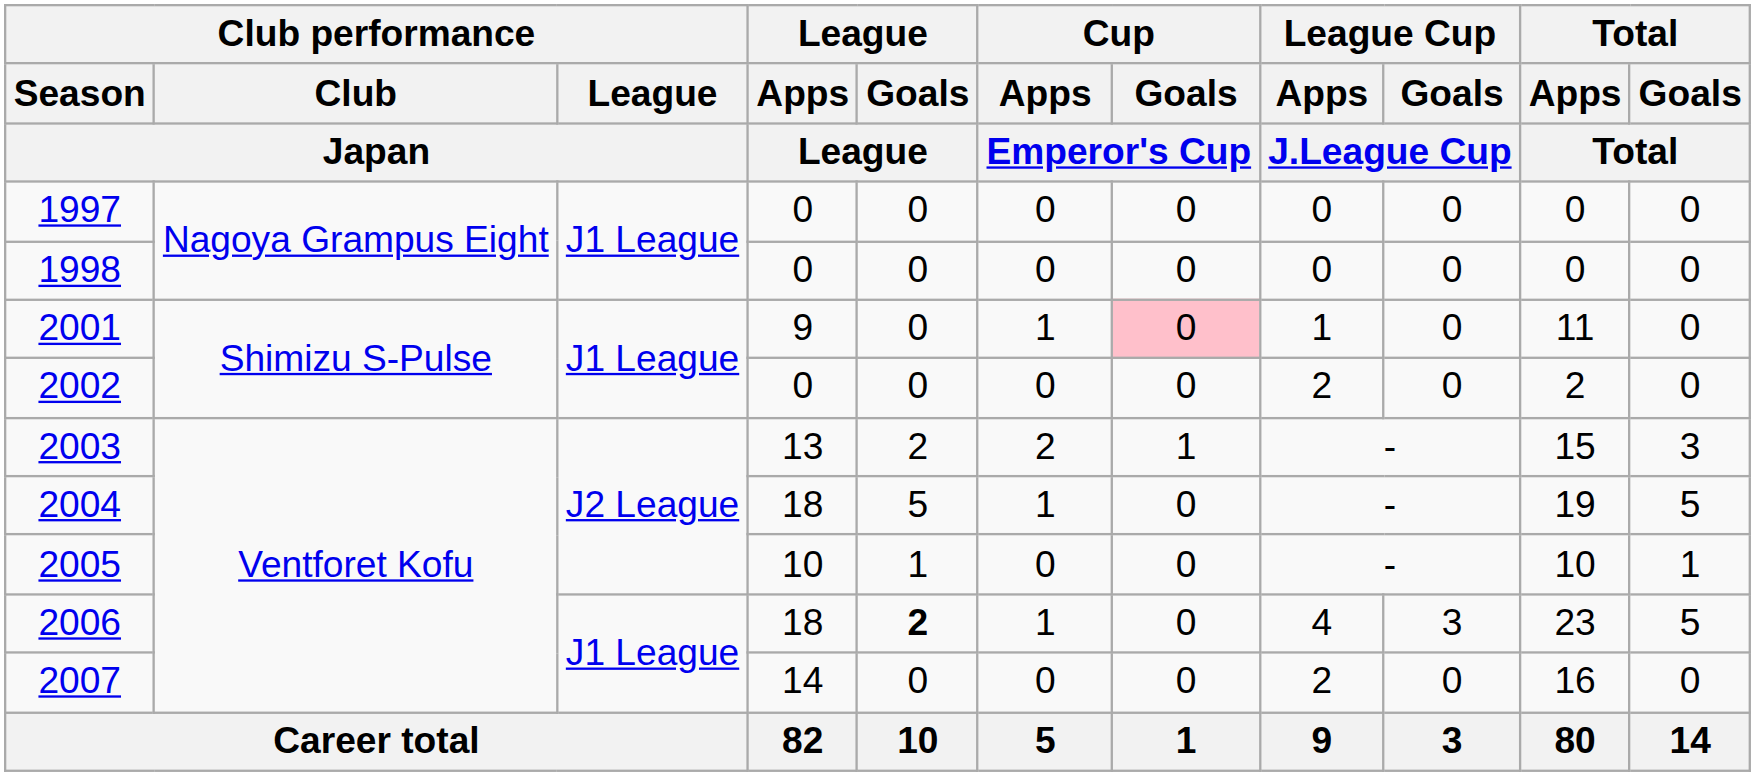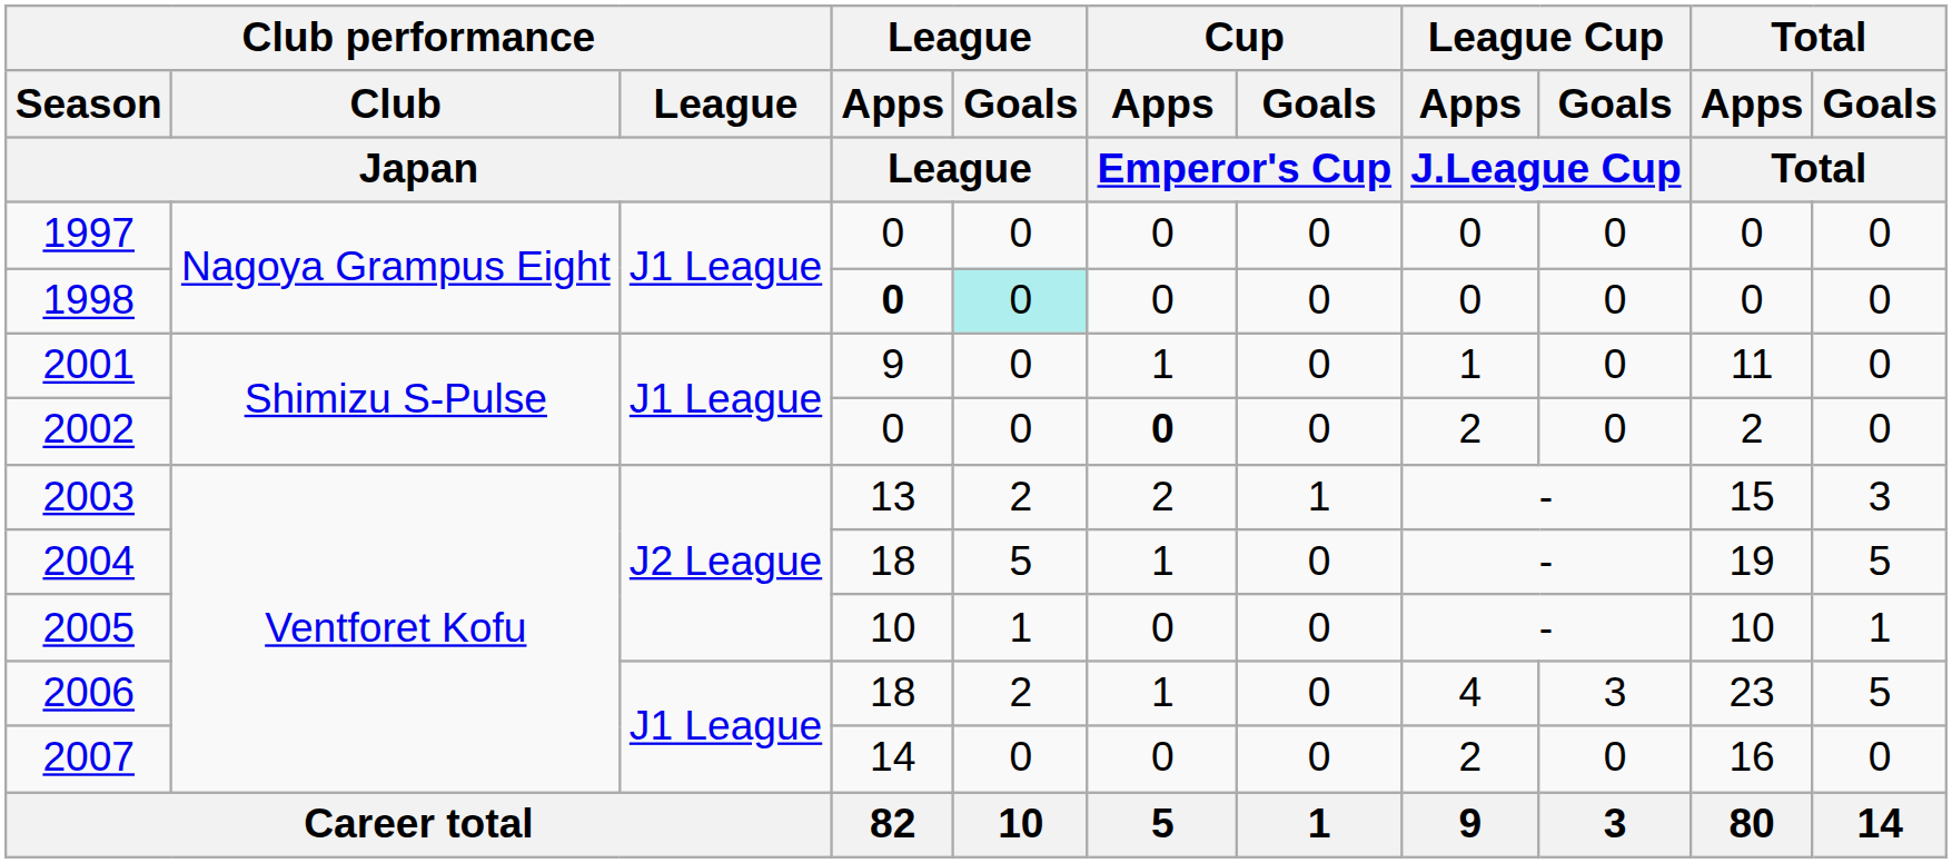 <table class="wikitable" style="text-align:center">
 <tr>
 <th colspan=3>Club performance</th>
 <th colspan=2>League</th>
 <th colspan=2>Cup</th>
 <th colspan=2>League Cup</th>
 <th colspan=2>Total</th>
 </tr>
 <tr>
 <th>Season</th>
 <th>Club</th>
 <th>League</th>
 <th>Apps</th>
 <th>Goals</th>
 <th>Apps</th>
 <th>Goals</th>
 <th>Apps</th>
 <th>Goals</th>
 <th>Apps</th>
 <th>Goals</th>
 </tr>
 <tr>
 <th colspan=3>Japan</th>
 <th colspan=2>League</th>
 <th colspan=2><a href='#'>Emperor's Cup</a></th>
 <th colspan=2><a href='#'>J.League Cup</a></th>
 <th colspan=2>Total</th>
 </tr>
 <tr>
 <td><a href='#'>1997</a></td>
 <td rowspan="2"><a href='#'>Nagoya Grampus Eight</a></td>
 <td rowspan="2"><a href='#'>J1 League</a></td>
 <td>0</td>
 <td>0</td>
 <td>0</td>
 <td>0</td>
 <td>0</td>
 <td>0</td>
 <td>0</td>
 <td>0</td>
 </tr>
 <tr>
 <td><a href='#'>1998</a></td>
-<td>0</td>
-<td>0</td>
+<td><strong>0</strong></td>
+<td style="background: paleturquoise;">0</td>
 <td>0</td>
 <td>0</td>
 <td>0</td>
 <td>0</td>
 <td>0</td>
 <td>0</td>
 </tr>
 <tr>
 <td><a href='#'>2001</a></td>
 <td rowspan="2"><a href='#'>Shimizu S-Pulse</a></td>
 <td rowspan="2"><a href='#'>J1 League</a></td>
 <td>9</td>
 <td>0</td>
 <td>1</td>
-<td style="background: pink;">0</td>
+<td>0</td>
 <td>1</td>
 <td>0</td>
 <td>11</td>
 <td>0</td>
 </tr>
 <tr>
 <td><a href='#'>2002</a></td>
 <td>0</td>
 <td>0</td>
-<td>0</td>
+<td><strong>0</strong></td>
 <td>0</td>
 <td>2</td>
 <td>0</td>
 <td>2</td>
 <td>0</td>
 </tr>
 <tr>
 <td><a href='#'>2003</a></td>
 <td rowspan="5"><a href='#'>Ventforet Kofu</a></td>
 <td rowspan="3"><a href='#'>J2 League</a></td>
 <td>13</td>
 <td>2</td>
 <td>2</td>
 <td>1</td>
 <td colspan="2">-</td>
 <td>15</td>
 <td>3</td>
 </tr>
 <tr>
 <td><a href='#'>2004</a></td>
 <td>18</td>
 <td>5</td>
 <td>1</td>
 <td>0</td>
 <td colspan="2">-</td>
 <td>19</td>
 <td>5</td>
 </tr>
 <tr>
 <td><a href='#'>2005</a></td>
 <td>10</td>
 <td>1</td>
 <td>0</td>
 <td>0</td>
 <td colspan="2">-</td>
 <td>10</td>
 <td>1</td>
 </tr>
 <tr>
 <td><a href='#'>2006</a></td>
 <td rowspan="2"><a href='#'>J1 League</a></td>
 <td>18</td>
-<td><strong>2</strong></td>
+<td>2</td>
 <td>1</td>
 <td>0</td>
 <td>4</td>
 <td>3</td>
 <td>23</td>
 <td>5</td>
 </tr>
 <tr>
 <td><a href='#'>2007</a></td>
 <td>14</td>
 <td>0</td>
 <td>0</td>
 <td>0</td>
 <td>2</td>
 <td>0</td>
 <td>16</td>
 <td>0</td>
 </tr>
 <tr>
 <th colspan=3>Career total</th>
 <th>82</th>
 <th>10</th>
 <th>5</th>
 <th>1</th>
 <th>9</th>
 <th>3</th>
 <th>80</th>
 <th>14</th>
 </tr>
 </table>
